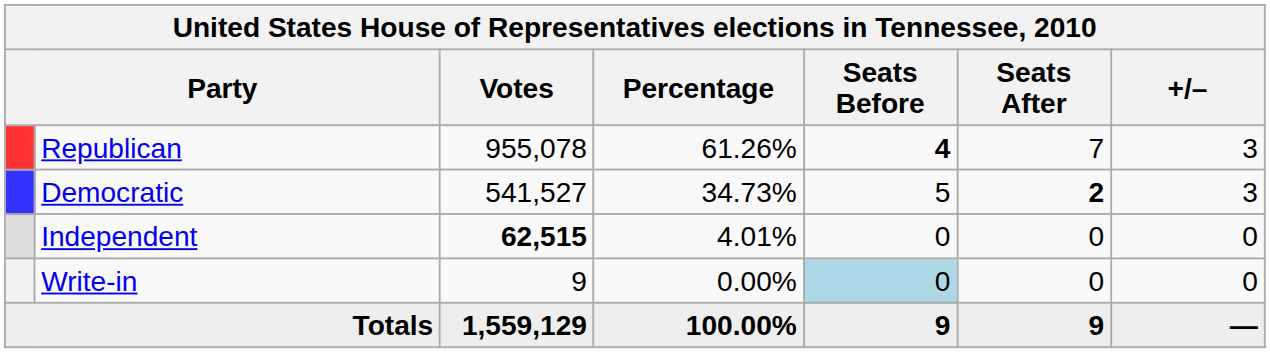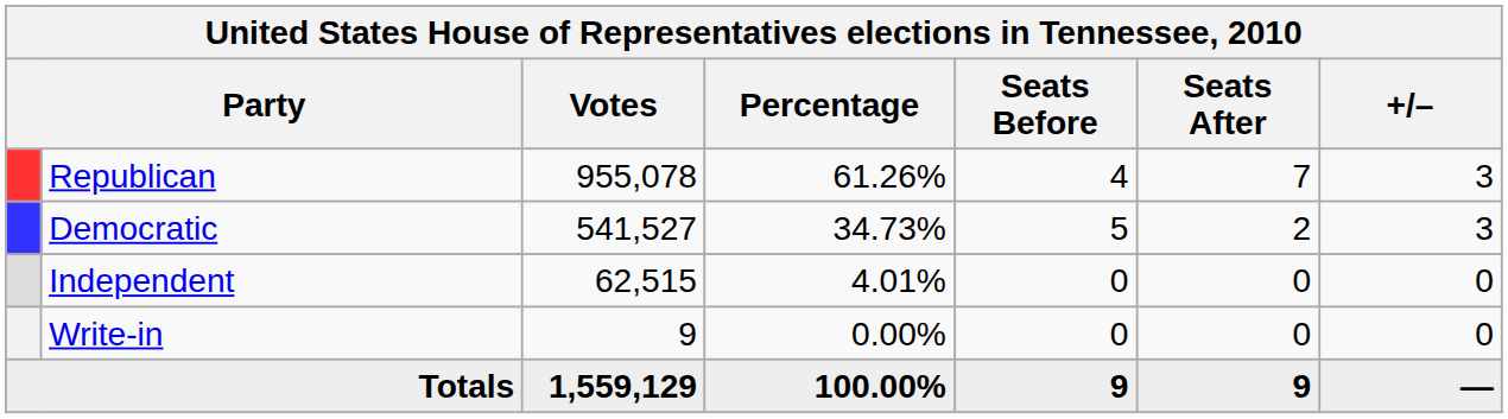 <table class="wikitable" style="font-size: 95%;">
 <tr>
 <th colspan="7">United States House of Representatives elections in Tennessee, 2010</th>
 </tr>
 <tr>
 <th colspan=2 style="width: 15em">Party</th>
 <th style="width: 5em">Votes</th>
 <th style="width: 7em">Percentage</th>
 <th style="width: 5em">Seats Before</th>
 <th style="width: 5em">Seats After</th>
 <th style="width: 5em">+/–</th>
 </tr>
 <tr>
 <th style="background-color:#FF3333; width: 3px"></th>
 <td style="width: 130px"><a href='#'>Republican</a></td>
 <td align="right">955,078</td>
 <td align="right">61.26%</td>
-<td align="right"><strong>4</strong></td>
+<td align="right">4</td>
 <td align="right">7</td>
 <td align="right"> 3</td>
 </tr>
 <tr>
 <th style="background-color:#3333FF; width: 3px"></th>
 <td style="width: 130px"><a href='#'>Democratic</a></td>
 <td align="right">541,527</td>
 <td align="right">34.73%</td>
 <td align="right">5</td>
-<td align="right"><strong>2</strong></td>
+<td align="right">2</td>
 <td align="right"> 3</td>
 </tr>
 <tr>
 <th style="background-color:#DDDDDD; width: 3px"></th>
 <td style="width: 130px"><a href='#'>Independent</a></td>
-<td align="right"><strong>62,515</strong></td>
+<td align="right">62,515</td>
 <td align="right">4.01%</td>
 <td align="right">0</td>
 <td align="right">0</td>
 <td align="right">0</td>
 </tr>
 <tr>
 <th></th>
 <td><a href='#'>Write-in</a></td>
 <td align="right">9</td>
 <td align="right">0.00%</td>
-<td align="right" style="background: lightblue;">0</td>
+<td align="right">0</td>
 <td align="right">0</td>
 <td align="right">0</td>
 </tr>
 <tr bgcolor="#EEEEEE">
 <td colspan="2" align="right"><strong>Totals</strong></td>
 <td align="right"><strong>1,559,129</strong></td>
 <td align="right"><strong>100.00%</strong></td>
 <td align="right"><strong>9</strong></td>
 <td align="right"><strong>9</strong></td>
 <td align="right"><strong>—</strong></td>
 </tr>
 </table>
